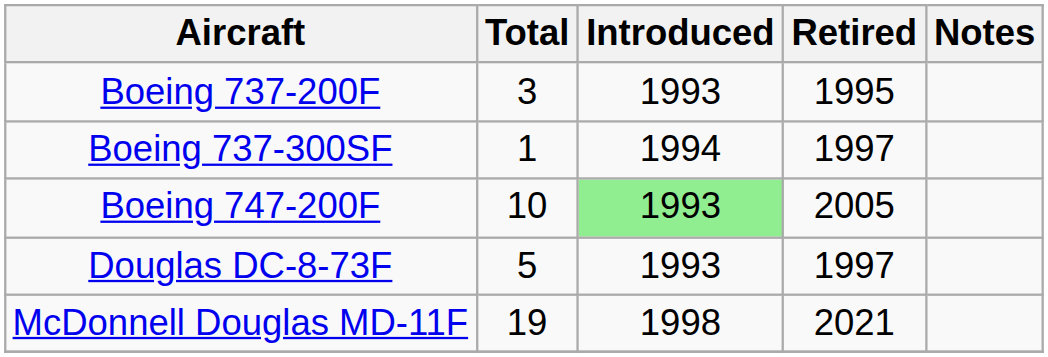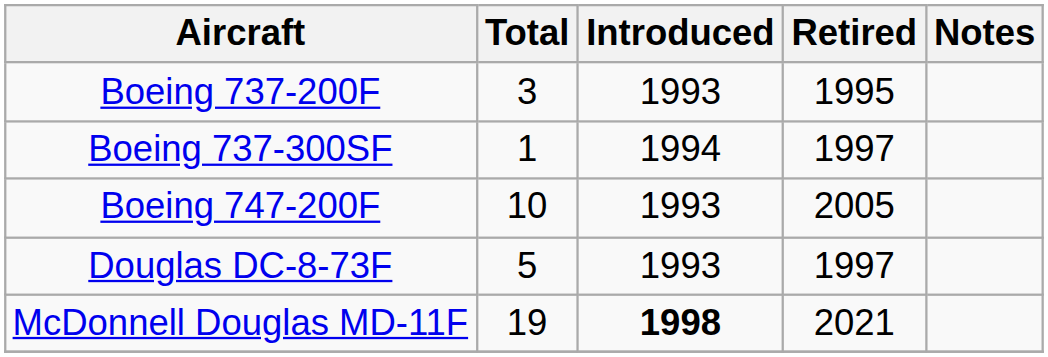 <table class="wikitable" style="margin:0.5em auto; text-align:center">
 <tr>
 <th>Aircraft</th>
 <th>Total</th>
 <th>Introduced</th>
 <th>Retired</th>
 <th>Notes</th>
 </tr>
 <tr>
 <td><a href='#'>Boeing 737-200F</a></td>
 <td>3</td>
 <td>1993</td>
 <td>1995</td>
 <td></td>
 </tr>
 <tr>
 <td><a href='#'>Boeing 737-300SF</a></td>
 <td>1</td>
 <td>1994</td>
 <td>1997</td>
 <td></td>
 </tr>
 <tr>
 <td><a href='#'>Boeing 747-200F</a></td>
 <td>10</td>
-<td style="background: lightgreen;">1993</td>
+<td>1993</td>
 <td>2005</td>
 <td></td>
 </tr>
 <tr>
 <td><a href='#'>Douglas DC-8-73F</a></td>
 <td>5</td>
 <td>1993</td>
 <td>1997</td>
 <td></td>
 </tr>
 <tr>
 <td><a href='#'>McDonnell Douglas MD-11F</a></td>
 <td>19</td>
-<td>1998</td>
+<td><strong>1998</strong></td>
 <td>2021</td>
 <td></td>
 </tr>
 <tr>
 </tr>
 </table>
